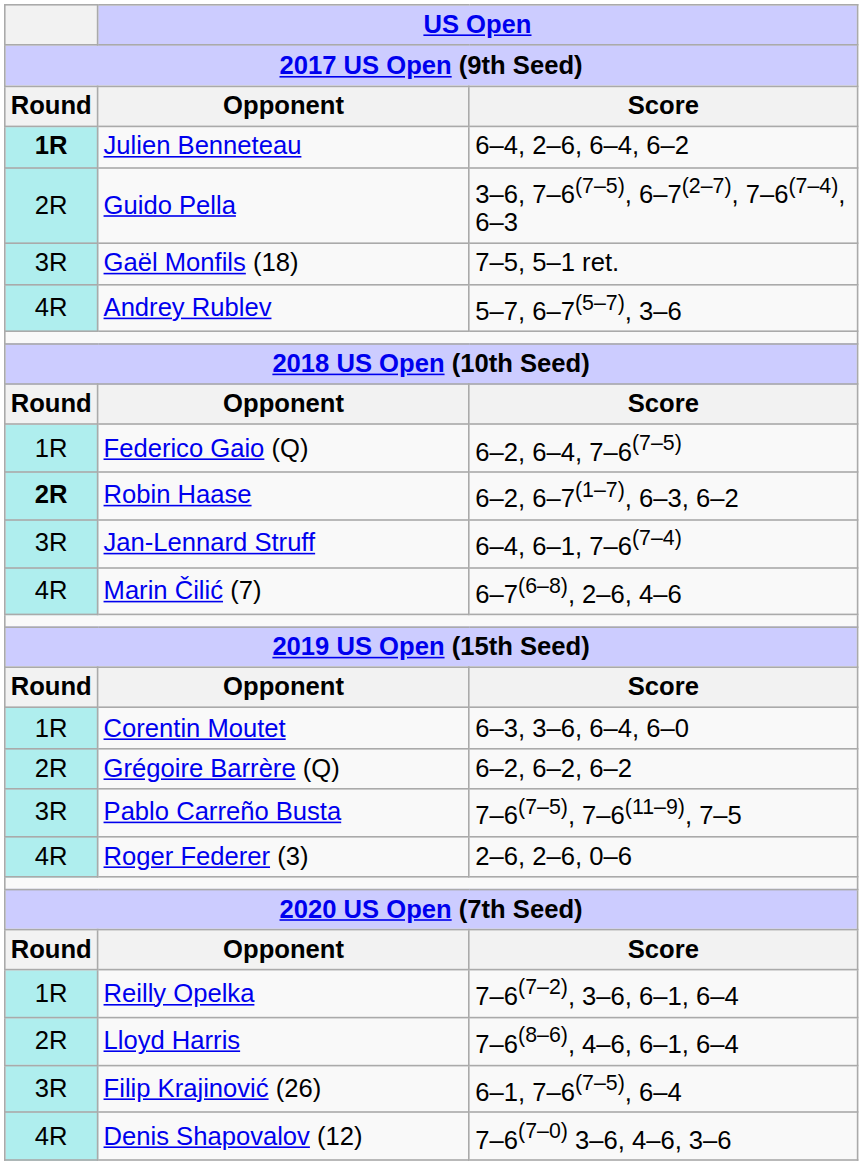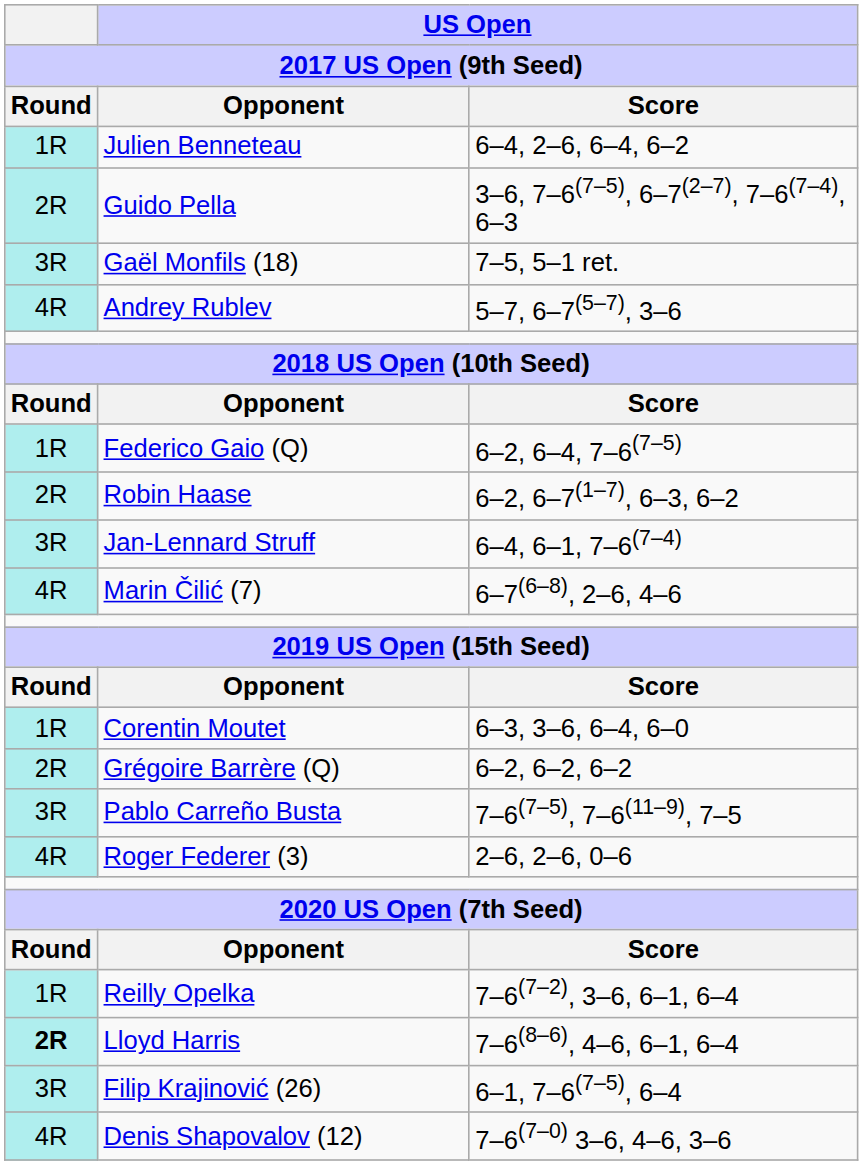 <table class="wikitable collapsible collapsed">
 <tr>
 <th></th>
 <th colspan=2 style="background:#ccf;"><a href='#'>US Open</a></th>
 </tr>
 <tr>
 <th colspan=3 style="background:#ccf;"><a href='#'>2017 US Open</a> (9th Seed)</th>
 </tr>
 <tr>
 <th>Round</th>
 <th width=225>Opponent</th>
 <th width=235>Score</th>
 </tr>
 <tr>
-<td style="text-align:center; background:#afeeee;"><strong>1R</strong></td>
+<td style="text-align:center; background:#afeeee;">1R</td>
 <td> <a href='#'>Julien Benneteau</a></td>
 <td>6–4, 2–6, 6–4, 6–2</td>
 </tr>
 <tr>
 <td style="text-align:center; background:#afeeee;">2R</td>
 <td> <a href='#'>Guido Pella</a></td>
 <td>3–6, 7–6<sup>(7–5)</sup>, 6–7<sup>(2–7)</sup>, 7–6<sup>(7–4)</sup>, 6–3</td>
 </tr>
 <tr>
 <td style="text-align:center; background:#afeeee;">3R</td>
 <td> <a href='#'>Gaël Monfils</a> (18)</td>
 <td>7–5, 5–1 ret.</td>
 </tr>
 <tr>
 <td style="text-align:center; background:#afeeee;">4R</td>
 <td> <a href='#'>Andrey Rublev</a></td>
 <td>5–7, 6–7<sup>(5–7)</sup>, 3–6</td>
 </tr>
 <tr>
 <td colspan=3></td>
 </tr>
 <tr>
 <th colspan=3 style="background:#ccf;"><a href='#'>2018 US Open</a> (10th Seed)</th>
 </tr>
 <tr>
 <th>Round</th>
 <th width=225>Opponent</th>
 <th width=210>Score</th>
 </tr>
 <tr>
 <td style="text-align:center; background:#afeeee;">1R</td>
 <td> <a href='#'>Federico Gaio</a> (Q)</td>
 <td>6–2, 6–4, 7–6<sup>(7–5)</sup></td>
 </tr>
 <tr>
-<td style="text-align:center; background:#afeeee;"><strong>2R</strong></td>
+<td style="text-align:center; background:#afeeee;">2R</td>
 <td> <a href='#'>Robin Haase</a></td>
 <td>6–2, 6–7<sup>(1–7)</sup>, 6–3, 6–2</td>
 </tr>
 <tr>
 <td style="text-align:center; background:#afeeee;">3R</td>
 <td> <a href='#'>Jan-Lennard Struff</a></td>
 <td>6–4, 6–1, 7–6<sup>(7–4)</sup></td>
 </tr>
 <tr>
 <td style="text-align:center; background:#afeeee;">4R</td>
 <td> <a href='#'>Marin Čilić</a> (7)</td>
 <td>6–7<sup>(6–8)</sup>, 2–6, 4–6</td>
 </tr>
 <tr>
 <td colspan=3></td>
 </tr>
 <tr>
 <th colspan=3 style="background:#ccf;"><a href='#'>2019 US Open</a> (15th Seed)</th>
 </tr>
 <tr>
 <th>Round</th>
 <th width=225>Opponent</th>
 <th width=210>Score</th>
 </tr>
 <tr>
 <td style="text-align:center; background:#afeeee;">1R</td>
 <td> <a href='#'>Corentin Moutet</a></td>
 <td>6–3, 3–6, 6–4, 6–0</td>
 </tr>
 <tr>
 <td style="text-align:center; background:#afeeee;">2R</td>
 <td> <a href='#'>Grégoire Barrère</a> (Q)</td>
 <td>6–2, 6–2, 6–2</td>
 </tr>
 <tr>
 <td style="text-align:center; background:#afeeee;">3R</td>
 <td> <a href='#'>Pablo Carreño Busta</a></td>
 <td>7–6<sup>(7–5)</sup>, 7–6<sup>(11–9)</sup>, 7–5</td>
 </tr>
 <tr>
 <td style="text-align:center; background:#afeeee;">4R</td>
 <td> <a href='#'>Roger Federer</a> (3)</td>
 <td>2–6, 2–6, 0–6</td>
 </tr>
 <tr>
 <td colspan=3></td>
 </tr>
 <tr>
 <th colspan=3 style="background:#ccf;"><a href='#'>2020 US Open</a> (7th Seed)</th>
 </tr>
 <tr>
 <th>Round</th>
 <th width=225>Opponent</th>
 <th width=210>Score</th>
 </tr>
 <tr>
 <td style="text-align:center; background:#afeeee;">1R</td>
 <td> <a href='#'>Reilly Opelka</a></td>
 <td>7–6<sup>(7–2)</sup>, 3–6, 6–1, 6–4</td>
 </tr>
 <tr>
-<td style="text-align:center; background:#afeeee;">2R</td>
+<td style="text-align:center; background:#afeeee;"><strong>2R</strong></td>
 <td> <a href='#'>Lloyd Harris</a></td>
 <td>7–6<sup>(8–6)</sup>, 4–6, 6–1, 6–4</td>
 </tr>
 <tr>
 <td style="text-align:center; background:#afeeee;">3R</td>
 <td> <a href='#'>Filip Krajinović</a> (26)</td>
 <td>6–1, 7–6<sup>(7–5)</sup>, 6–4</td>
 </tr>
 <tr>
 <td style="text-align:center; background:#afeeee;">4R</td>
 <td> <a href='#'>Denis Shapovalov</a> (12)</td>
 <td>7–6<sup>(7–0)</sup> 3–6, 4–6, 3–6</td>
 </tr>
 </table>
